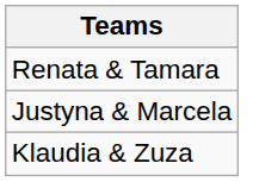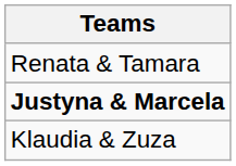 <table class="wikitable">
 <tr>
 <th>Teams</th>
 </tr>
 <tr>
 <td>Renata & Tamara</td>
 </tr>
 <tr>
-<td>Justyna & Marcela</td>
+<td><strong>Justyna & Marcela</strong></td>
 </tr>
 <tr>
 <td>Klaudia & Zuza</td>
 </tr>
 </table>
